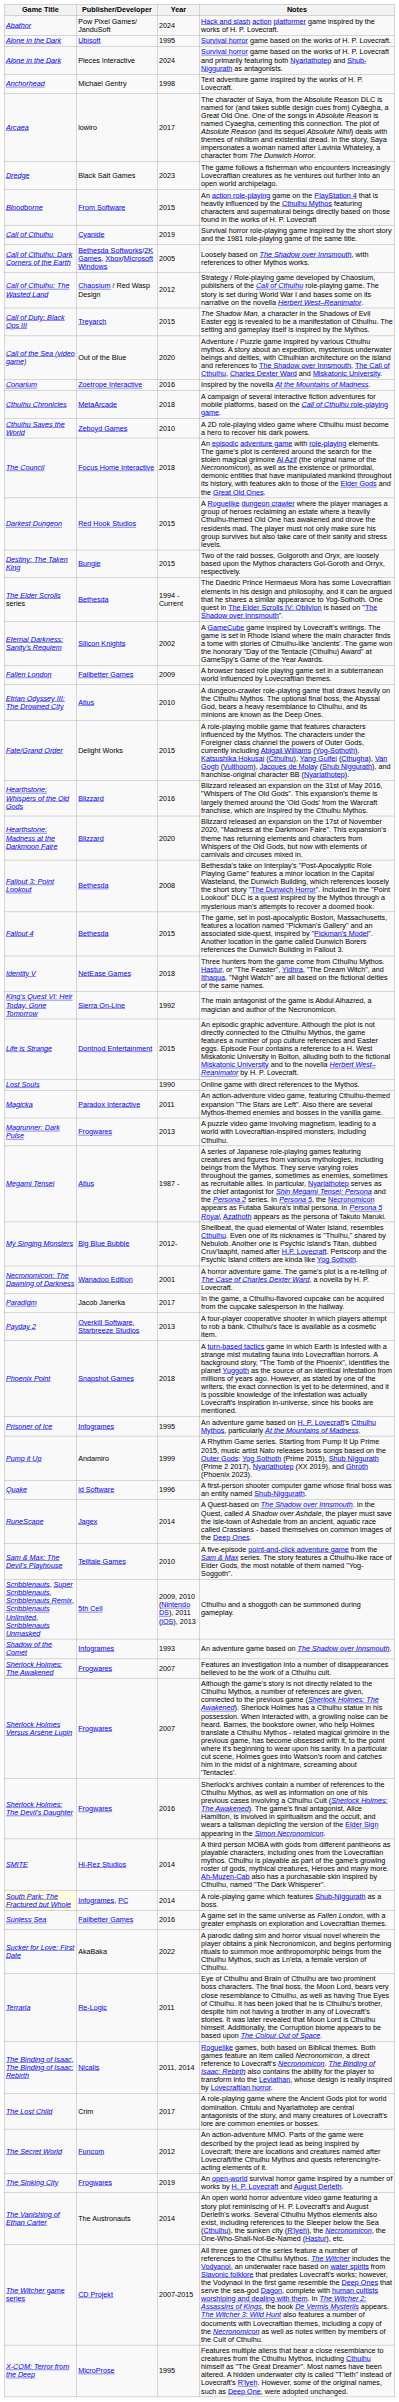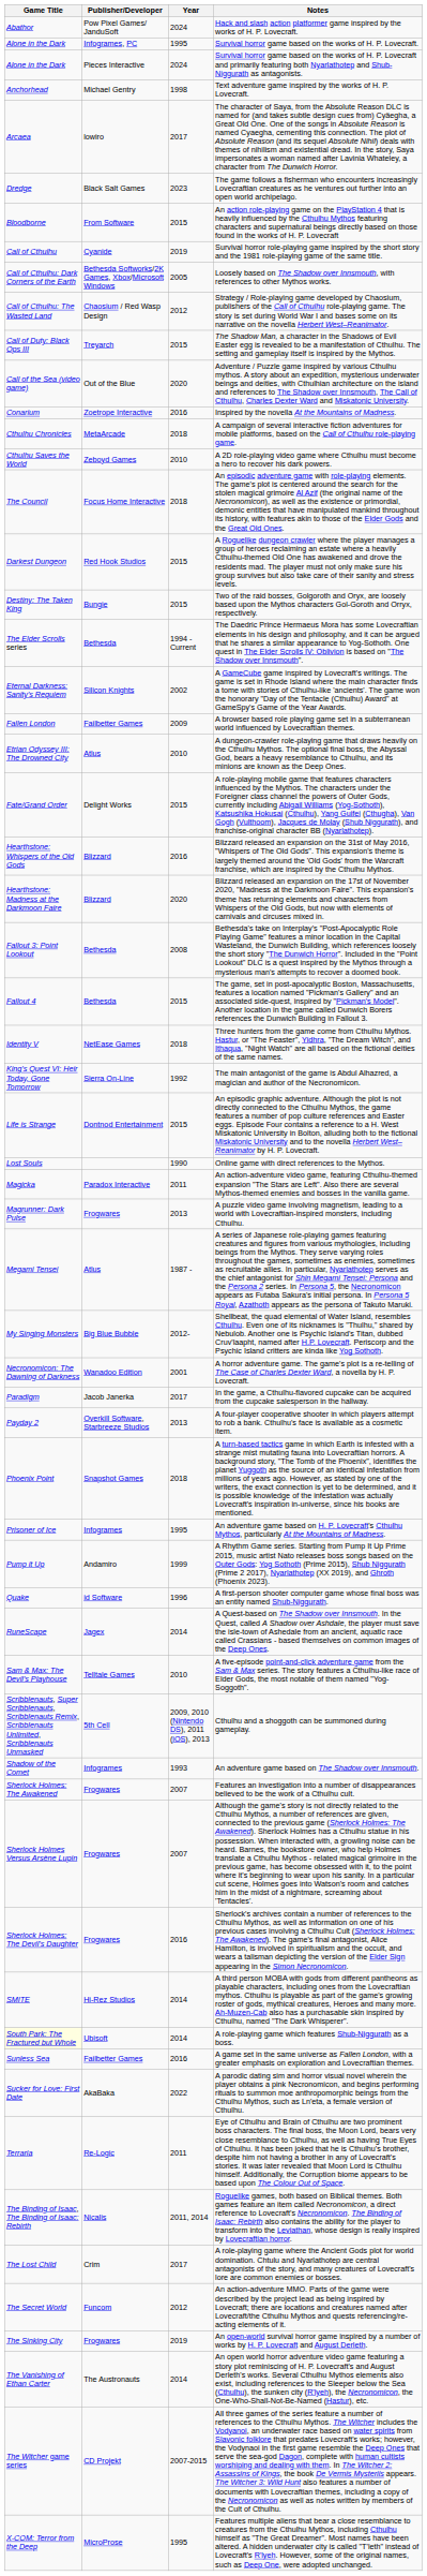 <table class="wikitable sortable">
 <tr>
 <th>Game Title</th>
 <th>Publisher/Developer</th>
 <th>Year</th>
 <th class=unsortable>Notes</th>
 </tr>
 <tr>
 <td><em><a href='#'>Abathor</a></em></td>
 <td>Pow Pixel Games/ JanduSoft</td>
 <td>2024</td>
 <td><a href='#'>Hack and slash</a> <a href='#'>action</a> <a href='#'>platformer</a> game inspired by the works of H. P. Lovecraft.</td>
 </tr>
 <tr>
 <td><em><a href='#'>Alone in the Dark</a></em></td>
-<td><a href='#'>Ubisoft</a></td>
+<td><a href='#'>Infogrames</a>, <a href='#'>PC</a></td>
 <td>1995</td>
 <td><a href='#'>Survival horror</a> game based on the works of H. P. Lovecraft.</td>
 </tr>
 <tr>
 <td><em><a href='#'>Alone in the Dark</a></em></td>
 <td>Pieces Interactive</td>
 <td>2024</td>
 <td><a href='#'>Survival horror</a> game based on the works of H. P. Lovecraft and primarily featuring both <a href='#'>Nyarlathotep</a> and <a href='#'>Shub-Niggurath</a> as antagonists.</td>
 </tr>
 <tr>
 <td><em><a href='#'>Anchorhead</a></em></td>
 <td>Michael Gentry</td>
 <td>1998</td>
 <td>Text adventure game inspired by the works of H. P. Lovecraft.</td>
 </tr>
 <tr>
 <td><em><a href='#'>Arcaea</a></em></td>
 <td>lowiro</td>
 <td>2017</td>
 <td>The character of Saya, from the Absolute Reason DLC is named for (and takes subtle design cues from) Cyäegha, a Great Old One. One of the songs in <em>Absolute Reason</em> is named Cyaegha, cementing this connection. The plot of <em>Absolute Reason</em> (and its sequel <em>Absolute Nihil</em>) deals with themes of nihilism and existential dread. In the story, Saya impersonates a woman named after Lavinia Whateley, a character from <em>The Dunwich Horror.</em></td>
 </tr>
 <tr>
 <td><em><a href='#'>Dredge</a></em></td>
 <td>Black Salt Games</td>
 <td>2023</td>
 <td>The game follows a fisherman who encounters increasingly Lovecraftian creatures as he ventures out further into an open world archipelago.</td>
 </tr>
 <tr>
 <td><em><a href='#'>Bloodborne</a></em></td>
 <td><a href='#'>From Software</a></td>
 <td>2015</td>
 <td>An <a href='#'>action role-playing</a> game on the <a href='#'>PlayStation 4</a> that is heavily influenced by the <a href='#'>Cthulhu Mythos</a> featuring characters and supernatural beings directly based on those found in the works of H. P. Lovecraft</td>
 </tr>
 <tr>
 <td><a href='#'><em>Call of Cthulhu</em></a></td>
 <td><a href='#'>Cyanide</a></td>
 <td>2019</td>
 <td>Survival horror role-playing game inspired by the short story and the 1981 role-playing game of the same title.</td>
 </tr>
 <tr>
 <td><em><a href='#'>Call of Cthulhu: Dark Corners of the Earth</a></em></td>
 <td><a href='#'>Bethesda Softworks</a>/<a href='#'>2K Games</a>, <a href='#'>Xbox</a>/<a href='#'>Microsoft Windows</a></td>
 <td>2005</td>
 <td>Loosely based on <em><a href='#'>The Shadow over Innsmouth</a></em>, with references to other Mythos works.</td>
 </tr>
 <tr>
 <td><em><a href='#'>Call of Cthulhu: The Wasted Land</a></em></td>
 <td><a href='#'>Chaosium</a> / Red Wasp Design</td>
 <td>2012</td>
 <td>Strategy / Role-playing game developed by Chaosium, publishers of the <em><a href='#'>Call of Cthulhu</a></em> role-playing game.  The story is set during World War I and bases some on its narrative on the novella <em><a href='#'>Herbert West–Reanimator</a></em>.</td>
 </tr>
 <tr>
 <td><em><a href='#'>Call of Duty: Black Ops III</a></em></td>
 <td><a href='#'>Treyarch</a></td>
 <td>2015</td>
 <td><em>The Shadow Man,</em> a character in the Shadows of Evil Easter egg  is revealed to be a manifestation of Cthulhu. The setting and gameplay itself is inspired by the Mythos.</td>
 </tr>
 <tr>
 <td><em><a href='#'>Call of the Sea (video game)</a></em></td>
 <td>Out of the Blue</td>
 <td>2020</td>
 <td>Adventure / Puzzle game inspired by various Cthulhu mythos. A story about an expedition, mysterious underwater beings and deities, with Cthulhian architecture on the island and references to <a href='#'>The Shadow over Innsmouth</a>, <a href='#'>The Call of Cthulhu</a>, <a href='#'>Charles Dexter Ward</a> and <a href='#'>Miskatonic University</a>.</td>
 </tr>
 <tr>
 <td><a href='#'><em>Conarium</em></a></td>
 <td><a href='#'>Zoetrope Interactive</a></td>
 <td>2016</td>
 <td>Inspired by the novella <em><a href='#'>At the Mountains of Madness</a>.</em></td>
 </tr>
 <tr>
 <td><em><a href='#'>Cthulhu Chronicles</a></em></td>
 <td><a href='#'>MetaArcade</a></td>
 <td>2018</td>
 <td>A campaign of several interactive fiction adventures for mobile platforms, based on the <a href='#'><em>Call of Cthulhu</em> role-playing game</a>.</td>
 </tr>
 <tr>
 <td><em><a href='#'>Cthulhu Saves the World</a></em></td>
 <td><a href='#'>Zeboyd Games</a></td>
 <td>2010</td>
 <td>A 2D role-playing video game where Cthulhu must become a hero to recover his dark powers.</td>
 </tr>
 <tr>
 <td><a href='#'><em>The Council</em></a></td>
 <td><a href='#'>Focus Home Interactive</a></td>
 <td>2018</td>
 <td>An <a href='#'>episodic</a> <a href='#'>adventure game</a> with <a href='#'>role-playing</a> elements.  The game's plot is centered around the search for the stolen magical grimoire <a href='#'>Al Azif</a> (the original name of the <em>Necronomicon</em>), as well as the existence or primordial, demonic entities that have manipulated mankind throughout its history, with features akin to those of the <a href='#'>Elder Gods</a> and the <a href='#'>Great Old Ones</a>.</td>
 </tr>
 <tr>
 <td><em><a href='#'>Darkest Dungeon</a></em></td>
 <td><a href='#'>Red Hook Studios</a></td>
 <td>2015</td>
 <td>A <a href='#'>Roguelike</a> <a href='#'>dungeon crawler</a> where the player manages a group of heroes reclaiming an estate where a heavily Cthulhu-themed Old One has awakened and drove the residents mad.  The player must not only make sure his group survives but also take care of their sanity and stress levels.</td>
 </tr>
 <tr>
 <td><em><a href='#'>Destiny: The Taken King</a></em></td>
 <td><a href='#'>Bungie</a></td>
 <td>2015</td>
 <td>Two of the raid bosses, Golgoroth and Oryx, are loosely based upon the Mythos characters Gol-Goroth and Orryx, respectively.</td>
 </tr>
 <tr>
 <td><em><a href='#'>The Elder Scrolls</a></em> series</td>
 <td><a href='#'>Bethesda</a></td>
 <td>1994 - Current</td>
 <td>The Daedric Prince Hermaeus Mora has some Lovecraftian elements in his design and philosophy, and it can be argued that he shares a similar appearance to Yog-Sothoth. One quest in <a href='#'>The Elder Scrolls IV: Oblivion</a> is based on "<a href='#'>The Shadow over Innsmouth</a>".</td>
 </tr>
 <tr>
 <td><em><a href='#'>Eternal Darkness: Sanity's Requiem</a></em></td>
 <td><a href='#'>Silicon Knights</a></td>
 <td>2002</td>
 <td>A <a href='#'>GameCube</a> game inspired by Lovecraft's writings. The game is set in Rhode Island where the main character finds a tome with stories of Cthulhu-like 'ancients'. The game won the honorary "Day of the Tentacle (Cthulhu) Award" at GameSpy's Game of the Year Awards.</td>
 </tr>
 <tr>
 <td><em><a href='#'>Fallen London</a></em></td>
 <td><a href='#'>Failbetter Games</a></td>
 <td>2009</td>
 <td>A browser based role playing game set in a subterranean world influenced by Lovecraftian themes.</td>
 </tr>
 <tr>
 <td><em><a href='#'>Etrian Odyssey III: The Drowned City</a></em></td>
 <td><a href='#'>Atlus</a></td>
 <td>2010</td>
 <td>A dungeon-crawler role-playing game that draws heavily on the Cthulhu Mythos. The optional final boss, the Abyssal God, bears a heavy resemblance to Cthulhu, and its minions are known as the Deep Ones.</td>
 </tr>
 <tr>
 <td><em><a href='#'>Fate/Grand Order</a></em></td>
 <td>Delight Works</td>
 <td>2015</td>
 <td>A role-playing mobile game that features characters influenced by the Mythos. The characters under the Foreigner class channel the powers of Outer Gods, currently including <a href='#'>Abigail Williams</a> (<a href='#'>Yog-Sothoth</a>), <a href='#'>Katsushika Hokusai</a> (<a href='#'>Cthulhu</a>), <a href='#'>Yang Guifei</a> (<a href='#'>Cthugha</a>), <a href='#'>Van Gogh</a> (<a href='#'>Vulthoom</a>), <a href='#'>Jacques de Molay</a> (<a href='#'>Shub Niggurath</a>), and franchise-original character BB (<a href='#'>Nyarlathotep</a>).</td>
 </tr>
 <tr>
 <td><em><a href='#'>Hearthstone: Whispers of the Old Gods</a></em></td>
 <td><a href='#'>Blizzard</a></td>
 <td>2016</td>
 <td>Blizzard released an expansion on the 31st of May 2016, "Whispers of The Old Gods". This expansion's theme is largely themed around the 'Old Gods' from the Warcraft franchise, which are inspired by the Cthulhu Mythos.</td>
 </tr>
 <tr>
 <td><em><a href='#'>Hearthstone: Madness at the Darkmoon Faire</a></em></td>
 <td><a href='#'>Blizzard</a></td>
 <td>2020</td>
 <td>Blizzard released an expansion on the 17st of November 2020, "Madness at the Darkmoon Faire". This expansion's theme has returning elements and characters from Whispers of the Old Gods, but now with elements of carnivals and circuses mixed in.</td>
 </tr>
 <tr>
 <td><em><a href='#'>Fallout 3: Point Lookout</a></em></td>
 <td><a href='#'>Bethesda</a></td>
 <td>2008</td>
 <td>Bethesda's take on Interplay's "Post-Apocalyptic Role Playing Game" features a minor location in the Capital Wasteland, the Dunwich Building, which references loosely the short story "<a href='#'>The Dunwich Horror</a>". Included in the "Point Lookout" DLC is a quest inspired by the Mythos through a mysterious man's attempts to recover a doomed book.</td>
 </tr>
 <tr>
 <td><em><a href='#'>Fallout 4</a></em></td>
 <td><a href='#'>Bethesda</a></td>
 <td>2015</td>
 <td>The game, set in post-apocalyptic Boston, Massachusetts, features a location named "Pickman's Gallery" and an associated side-quest, inspired by "<a href='#'>Pickman's Model</a>". Another location in the game called Dunwich Borers references the Dunwich Building in Fallout 3.</td>
 </tr>
 <tr>
 <td><em><a href='#'>Identity V</a></em></td>
 <td><a href='#'>NetEase Games</a></td>
 <td>2018</td>
 <td>Three hunters from the game come from Cthulhu Mythos. <a href='#'>Hastur</a>, or "The Feaster", <a href='#'>Yidhra</a>, "The Dream Witch", and <a href='#'>Ithaqua</a>, "Night Watch" are all based on the fictional deities of the same names.</td>
 </tr>
 <tr>
 <td><em><a href='#'>King's Quest VI: Heir Today, Gone Tomorrow</a></em></td>
 <td><a href='#'>Sierra On-Line</a></td>
 <td>1992</td>
 <td>The main antagonist of the game is Abdul Alhazred, a magician and author of the Necronomicon.</td>
 </tr>
 <tr>
 <td><em><a href='#'>Life is Strange</a></em></td>
 <td><a href='#'>Dontnod Entertainment</a></td>
 <td>2015</td>
 <td>An episodic graphic adventure.  Although the plot is not directly connected to the Cthulhu Mythos, the game features a number of pop culture references and Easter eggs.  Episode Four contains a reference to a H. West Miskatonic University in Bolton, alluding both to the fictional <a href='#'>Miskatonic University</a> and to the novella <em><a href='#'>Herbert West–Reanimator</a></em> by H. P. Lovecraft.</td>
 </tr>
 <tr>
 <td><em><a href='#'>Lost Souls</a></em></td>
 <td></td>
 <td>1990</td>
 <td>Online game with direct references to the Mythos.</td>
 </tr>
 <tr>
 <td><em><a href='#'>Magicka</a></em></td>
 <td><a href='#'>Paradox Interactive</a></td>
 <td>2011</td>
 <td>An action-adventure video game, featuring Cthulhu-themed expansion "The Stars are Left". Also there are several Mythos-themed enemies and bosses in the vanilla game.</td>
 </tr>
 <tr>
 <td><em><a href='#'>Magrunner: Dark Pulse</a></em></td>
 <td><a href='#'>Frogwares</a></td>
 <td>2013</td>
 <td>A puzzle video game involving magnetism, leading to a world with Lovecraftian-inspired monsters, including Cthulhu.</td>
 </tr>
 <tr>
 <td><em><a href='#'>Megami Tensei</a></em></td>
 <td><a href='#'>Atlus</a></td>
 <td>1987 -</td>
 <td>A series of Japanese role-playing games featuring creatures and figures from various mythologies, including beings from the Mythos. They serve varying roles throughout the games, sometimes as enemies, sometimes as recruitable allies. In particular, <a href='#'>Nyarlathotep</a> serves as the chief antagonist for <em><a href='#'>Shin Megami Tensei: Persona</a></em> and the <em><a href='#'>Persona 2</a></em> series. In <em><a href='#'>Persona 5</a></em>, the <a href='#'>Necronomicon</a> appears as Futaba Sakura's initial persona. In <em><a href='#'>Persona 5 Royal</a></em>, <a href='#'>Azathoth</a> appears as the persona of Takuto Maruki.</td>
 </tr>
 <tr>
 <td><em><a href='#'>My Singing Monsters</a></em></td>
 <td><a href='#'>Big Blue Bubble</a></td>
 <td>2012-</td>
 <td>Shellbeat, the quad elemental of Water Island, resembles <a href='#'>Cthulhu</a>. Even one of its nicknames is "Thulhu," shared by Nebulob. Another one is Psychic Island's Titan, dubbed Cruv'laapht, named after <a href='#'>H.P. Lovecraft</a>. Periscorp and the Psychic Island critters are kinda like <a href='#'>Yog Sothoth</a>.</td>
 </tr>
 <tr>
 <td><em><a href='#'>Necronomicon: The Dawning of Darkness</a></em></td>
 <td><a href='#'>Wanadoo Edition</a></td>
 <td>2001</td>
 <td>A horror adventure game.  The game's plot is a re-telling of <em><a href='#'>The Case of Charles Dexter Ward</a></em>, a novella by H. P. Lovecraft.</td>
 </tr>
 <tr>
 <td><em><a href='#'>Paradigm</a></em></td>
 <td>Jacob Janerka</td>
 <td>2017</td>
 <td>In the game, a Cthulhu-flavored cupcake can be acquired from the cupcake salesperson in the hallway.</td>
 </tr>
 <tr>
 <td><em><a href='#'>Payday 2</a></em></td>
 <td><a href='#'>Overkill Software</a>, <a href='#'>Starbreeze Studios</a></td>
 <td>2013</td>
 <td>A four-player cooperative shooter in which players attempt to rob a bank. Cthulhu's face is available as a cosmetic item.</td>
 </tr>
 <tr>
 <td><em><a href='#'>Phoenix Point</a></em></td>
 <td><a href='#'>Snapshot Games</a></td>
 <td>2018</td>
 <td>A <a href='#'>turn-based tactics</a> game in which Earth is infested with a strange mist mutating fauna into Lovecraftian horrors. A background story, "The Tomb of the Phoenix", identifies the planet <a href='#'>Yuggoth</a> as the source of an identical infestation from millions of years ago. However, as stated by one of the writers, the exact connection is yet to be determined, and it is possible knowledge of the infestation was actually Lovecraft's inspiration in-universe, since his books are mentioned.</td>
 </tr>
 <tr>
 <td><em><a href='#'>Prisoner of Ice</a></em></td>
 <td><a href='#'>Infogrames</a></td>
 <td>1995</td>
 <td>An adventure game based on <a href='#'>H. P. Lovecraft</a>'s <a href='#'>Cthulhu Mythos</a>, particularly <em><a href='#'>At the Mountains of Madness</a></em>.</td>
 </tr>
 <tr>
 <td><em><a href='#'>Pump it Up</a></em></td>
 <td>Andamiro</td>
 <td>1999</td>
 <td>A Rhythm Game series. Starting from Pump It Up Prime 2015, music artist Nato releases boss songs based on the <a href='#'>Outer Gods</a>: <a href='#'>Yog Sothoth</a> (Prime 2015), <a href='#'>Shub Niggurath</a> (Prime 2 2017), <a href='#'>Nyarlathotep</a> (XX 2019), and <a href='#'>Ghroth</a> (Phoenix 2023).</td>
 </tr>
 <tr>
 <td><em><a href='#'>Quake</a></em></td>
 <td><a href='#'>id Software</a></td>
 <td>1996</td>
 <td>A first-person shooter computer game whose final boss was an entity named <a href='#'>Shub-Niggurath</a>.</td>
 </tr>
 <tr>
 <td><em><a href='#'>RuneScape</a></em></td>
 <td><a href='#'>Jagex</a></td>
 <td>2014</td>
 <td>A Quest-based on <em><a href='#'>The Shadow over Innsmouth</a></em>. In the Quest, called <em>A Shadow over Ashdale</em>, the player must save the isle-town of Ashedale from an ancient, aquatic race called Crassians - based themselves on common images of the <a href='#'>Deep Ones</a>.</td>
 </tr>
 <tr>
 <td><em><a href='#'>Sam & Max: The Devil's Playhouse</a></em></td>
 <td><a href='#'>Telltale Games</a></td>
 <td>2010</td>
 <td>A five-episode <a href='#'>point-and-click adventure game</a> from the <em><a href='#'>Sam & Max</a></em> series. The story features a Cthulhu-like race of Elder Gods, the most notable of them named "Yog-Soggoth".</td>
 </tr>
 <tr>
 <td><em><a href='#'>Scribblenauts</a></em>, <em><a href='#'>Super Scribblenauts</a></em>, <em><a href='#'>Scribblenauts Remix</a></em>, <em><a href='#'>Scribblenauts Unlimited</a></em>, <em><a href='#'>Scribblenauts Unmasked</a></em></td>
 <td><a href='#'>5th Cell</a></td>
 <td>2009, 2010 (<a href='#'>Nintendo DS</a>), 2011 (<a href='#'>iOS</a>), 2013</td>
 <td>Cthulhu and a shoggoth can be summoned during gameplay.</td>
 </tr>
 <tr>
 <td><em><a href='#'>Shadow of the Comet</a></em></td>
 <td><a href='#'>Infogrames</a></td>
 <td>1993</td>
 <td>An adventure game based on <em><a href='#'>The Shadow over Innsmouth</a></em>.</td>
 </tr>
 <tr>
 <td><em><a href='#'>Sherlock Holmes: The Awakened</a></em></td>
 <td><a href='#'>Frogwares</a></td>
 <td>2007</td>
 <td>Features an investigation into a number of disappearances believed to be the work of a Cthulhu cult.</td>
 </tr>
 <tr>
 <td><em><a href='#'>Sherlock Holmes Versus Arsène Lupin</a></em></td>
 <td><a href='#'>Frogwares</a></td>
 <td>2007</td>
 <td>Although the game's story is not directly related to the Cthulhu Mythos, a number of references are given, connected to the previous game (<em><a href='#'>Sherlock Holmes: The Awakened</a></em>).  Sherlock Holmes has a Cthulhu statue in his possession. When interacted with, a growling noise can be heard. Barnes, the bookstore owner, who help Holmes translate a Cthulhu Mythos - related magical grimoire in the previous game, has become obsessed with it, to the point where it's beginning to wear upon his sanity. In a particular cut scene, Holmes goes into Watson's room and catches him in the midst of a nightmare, screaming about 'Tentacles'.</td>
 </tr>
 <tr>
 <td><em><a href='#'>Sherlock Holmes: The Devil's Daughter</a></em></td>
 <td><a href='#'>Frogwares</a></td>
 <td>2016</td>
 <td>Sherlock's archives contain a number of references to the Cthulhu Mythos, as well as information on one of his previous cases involving a Cthulhu Cult (<em><a href='#'>Sherlock Holmes: The Awakened</a></em>).  The game's final antagonist, Alice Hamilton, is involved in spiritualism and the occult, and wears a talisman depicting the version of the <a href='#'>Elder Sign</a> appearing in the <em><a href='#'>Simon Necronomicon</a></em>.</td>
 </tr>
 <tr>
 <td><em><a href='#'>SMITE</a></em></td>
 <td><a href='#'>Hi-Rez Studios</a></td>
 <td>2014</td>
 <td>A third person MOBA with gods from different pantheons as playable characters, including ones from the Lovecraftian mythos. Cthulhu is playable as part of the game's growing roster of gods, mythical creatures, Heroes and many more. <a href='#'>Ah-Muzen-Cab</a> also has a purchasable skin inspired by Cthulhu, named "The Dark Whisperer".</td>
 </tr>
 <tr>
 <td style="background: lightyellow;"><em><a href='#'>South Park: The Fractured but Whole</a></em></td>
-<td><a href='#'>Infogrames</a>, <a href='#'>PC</a></td>
+<td><a href='#'>Ubisoft</a></td>
 <td>2014</td>
 <td>A role-playing game which features <a href='#'>Shub-Niggurath</a> as a boss.</td>
 </tr>
 <tr>
 <td><em><a href='#'>Sunless Sea</a></em></td>
 <td><a href='#'>Failbetter Games</a></td>
 <td>2016</td>
 <td>A game set in the same universe as <em>Fallen London</em>, with a greater emphasis on exploration and Lovecraftian themes.</td>
 </tr>
 <tr>
 <td><em><a href='#'>Sucker for Love: First Date</a></em></td>
 <td>AkaBaka</td>
 <td>2022</td>
 <td>A parodic dating sim and horror visual novel wherein the player obtains a pink Necronomicon, and begins performing rituals to summon moe anthropomorphic beings from the Cthulhu Mythos, such as Ln'eta, a female version of Cthulhu.</td>
 </tr>
 <tr>
 <td><em><a href='#'>Terraria</a></em></td>
 <td><a href='#'>Re-Logic</a></td>
 <td>2011</td>
 <td>Eye of Cthulhu and Brain of Cthulhu are two prominent boss characters. The final boss, the Moon Lord, bears very close resemblance to Cthulhu, as well as having True Eyes of Cthulhu. It has been joked that he is Cthulhu's brother, despite him not having a brother in any of Lovecraft's stories. It was later revealed that Moon Lord is Cthulhu himself. Additionally, the Corruption biome appears to be based upon <em><a href='#'>The Colour Out of Space</a></em>.</td>
 </tr>
 <tr>
 <td><em><a href='#'>The Binding of Isaac</a></em>, <em><a href='#'>The Binding of Isaac: Rebirth</a></em></td>
 <td><a href='#'>Nicalis</a></td>
 <td>2011, 2014</td>
 <td><a href='#'>Roguelike</a> games, both based on Biblical themes. Both games feature an item called <em>Necronomicon</em>, a direct reference to Lovecraft's <em><a href='#'>Necronomicon</a></em>. <em><a href='#'>The Binding of Isaac: Rebirth</a></em> also contains the ability for the player to transform into the <a href='#'>Leviathan</a>, whose design is really inspired by <a href='#'>Lovecraftian horror</a>.</td>
 </tr>
 <tr>
 <td><em><a href='#'>The Lost Child</a></em></td>
 <td>Crim</td>
 <td>2017</td>
 <td>A role-playing game where the Ancient Gods plot for world domination. Chtulu and Nyarlathotep are central antagonists of the story, and many creatures of Lovecraft's lore are common enemies or bosses.</td>
 </tr>
 <tr>
 <td><em><a href='#'>The Secret World</a></em></td>
 <td><a href='#'>Funcom</a></td>
 <td>2012</td>
 <td>An action-adventure MMO. Parts of the game were described by the project lead as being inspired by Lovecraft; there are locations and creatures named after Lovecraft/the Cthulhu Mythos and quests referencing/re-acting elements of it.</td>
 </tr>
 <tr>
 <td><em><a href='#'>The Sinking City</a></em></td>
 <td><a href='#'>Frogwares</a></td>
 <td>2019</td>
 <td>An <a href='#'>open-world</a> survival horror game inspired by a number of works by <a href='#'>H. P. Lovecraft</a> and <a href='#'>August Derleth</a>.</td>
 </tr>
 <tr>
 <td><em><a href='#'>The Vanishing of Ethan Carter</a></em></td>
 <td>The Austronauts</td>
 <td>2014</td>
 <td>An open world horror adventure video game featuring a story plot reminiscing of H. P. Lovecraft's and August Derleth's works. Several Cthulhu Mythos elements also exist, including references to the Sleeper below the Sea (<a href='#'>Cthulhu</a>), the sunken city (<a href='#'>R'lyeh</a>), the <em><a href='#'>Necronomicon</a></em>, the One-Who-Shall-Not-Be-Named (<a href='#'>Hastur</a>), etc.</td>
 </tr>
 <tr>
 <td><a href='#'><em>The Witcher</em> game series</a></td>
 <td><a href='#'>CD Projekt</a></td>
 <td>2007-2015</td>
 <td>All three games of the series feature a number of references to the Cthulhu Mythos. <em><a href='#'>The Witcher</a></em> includes the <a href='#'>Vodyanoi</a>, an underwater race based on <a href='#'>water spirits</a> from <a href='#'>Slavonic folklore</a> that predates Lovecraft's works; however, the Vodynaoi in the first game resemble the <a href='#'>Deep Ones</a> that serve the sea-god <a href='#'>Dagon</a>, complete with <a href='#'>human cultists worshiping and dealing with them</a>. In <em><a href='#'>The Witcher 2: Assassins of Kings</a></em>, the book <em><a href='#'>De Vermis Mysteriis</a></em> appears. <em><a href='#'>The Witcher 3: Wild Hunt</a></em> also features a number of documents with Lovecraftian themes, including a copy of the <em><a href='#'>Necronomicon</a></em> as well as notes written by members of the Cult of Cthulhu.</td>
 </tr>
 <tr>
 <td><em><a href='#'>X-COM: Terror from the Deep</a></em></td>
 <td><a href='#'>MicroProse</a></td>
 <td>1995</td>
 <td>Features multiple aliens that bear a close resemblance to creatures from the Cthulhu Mythos, including <a href='#'>Cthulhu</a> himself as "The Great Dreamer". Most names have been altered. A hidden underwater city is called "T'leth" instead of Lovecraft's <a href='#'>R'lyeh</a>. However, some of the original names, such as <a href='#'>Deep One</a>, were adopted unchanged.</td>
 </tr>
 </table>
